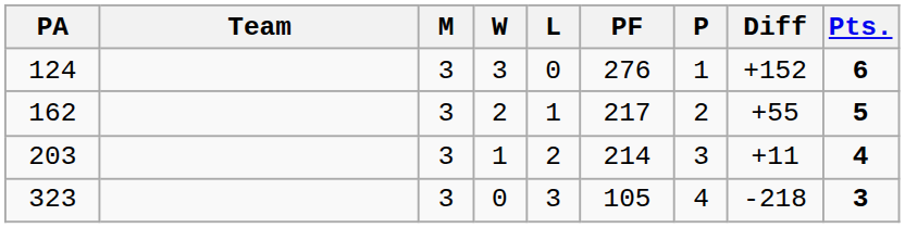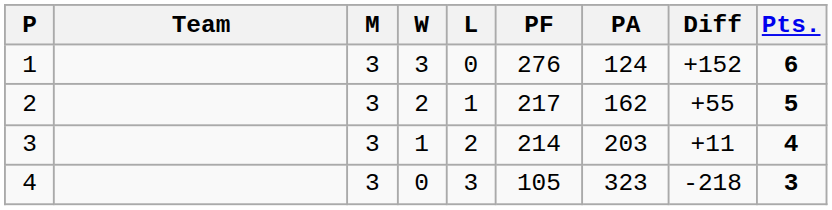 <table class=wikitable>
 <tr align=center>
-<th width=40px>PA</th>
+<th width=20px>P</th>
 <th width=150px>Team</th>
 <th width=20px>M</th>
 <th width=20px>W</th>
 <th width=20px>L</th>
 <th width=40px>PF</th>
-<th width=20px>P</th>
+<th width=40px>PA</th>
 <th width=40px>Diff</th>
 <th width=30px><a href='#'>Pts.</a></th>
 </tr>
 <tr align=center>
-<td>124</td>
+<td>1</td>
 <td align=left></td>
 <td>3</td>
 <td>3</td>
 <td>0</td>
 <td>276</td>
-<td>1</td>
+<td>124</td>
 <td>+152</td>
 <td><strong>6</strong></td>
 </tr>
 <tr align=center>
-<td>162</td>
+<td>2</td>
 <td align=left></td>
 <td>3</td>
 <td>2</td>
 <td>1</td>
 <td>217</td>
-<td>2</td>
+<td>162</td>
 <td>+55</td>
 <td><strong>5</strong></td>
 </tr>
 <tr align=center>
-<td>203</td>
+<td>3</td>
 <td align=left></td>
 <td>3</td>
 <td>1</td>
 <td>2</td>
 <td>214</td>
-<td>3</td>
+<td>203</td>
 <td>+11</td>
 <td><strong>4</strong></td>
 </tr>
 <tr align=center>
-<td>323</td>
+<td>4</td>
 <td align=left></td>
 <td>3</td>
 <td>0</td>
 <td>3</td>
 <td>105</td>
-<td>4</td>
+<td>323</td>
 <td>-218</td>
 <td><strong>3</strong></td>
 </tr>
 </table>
